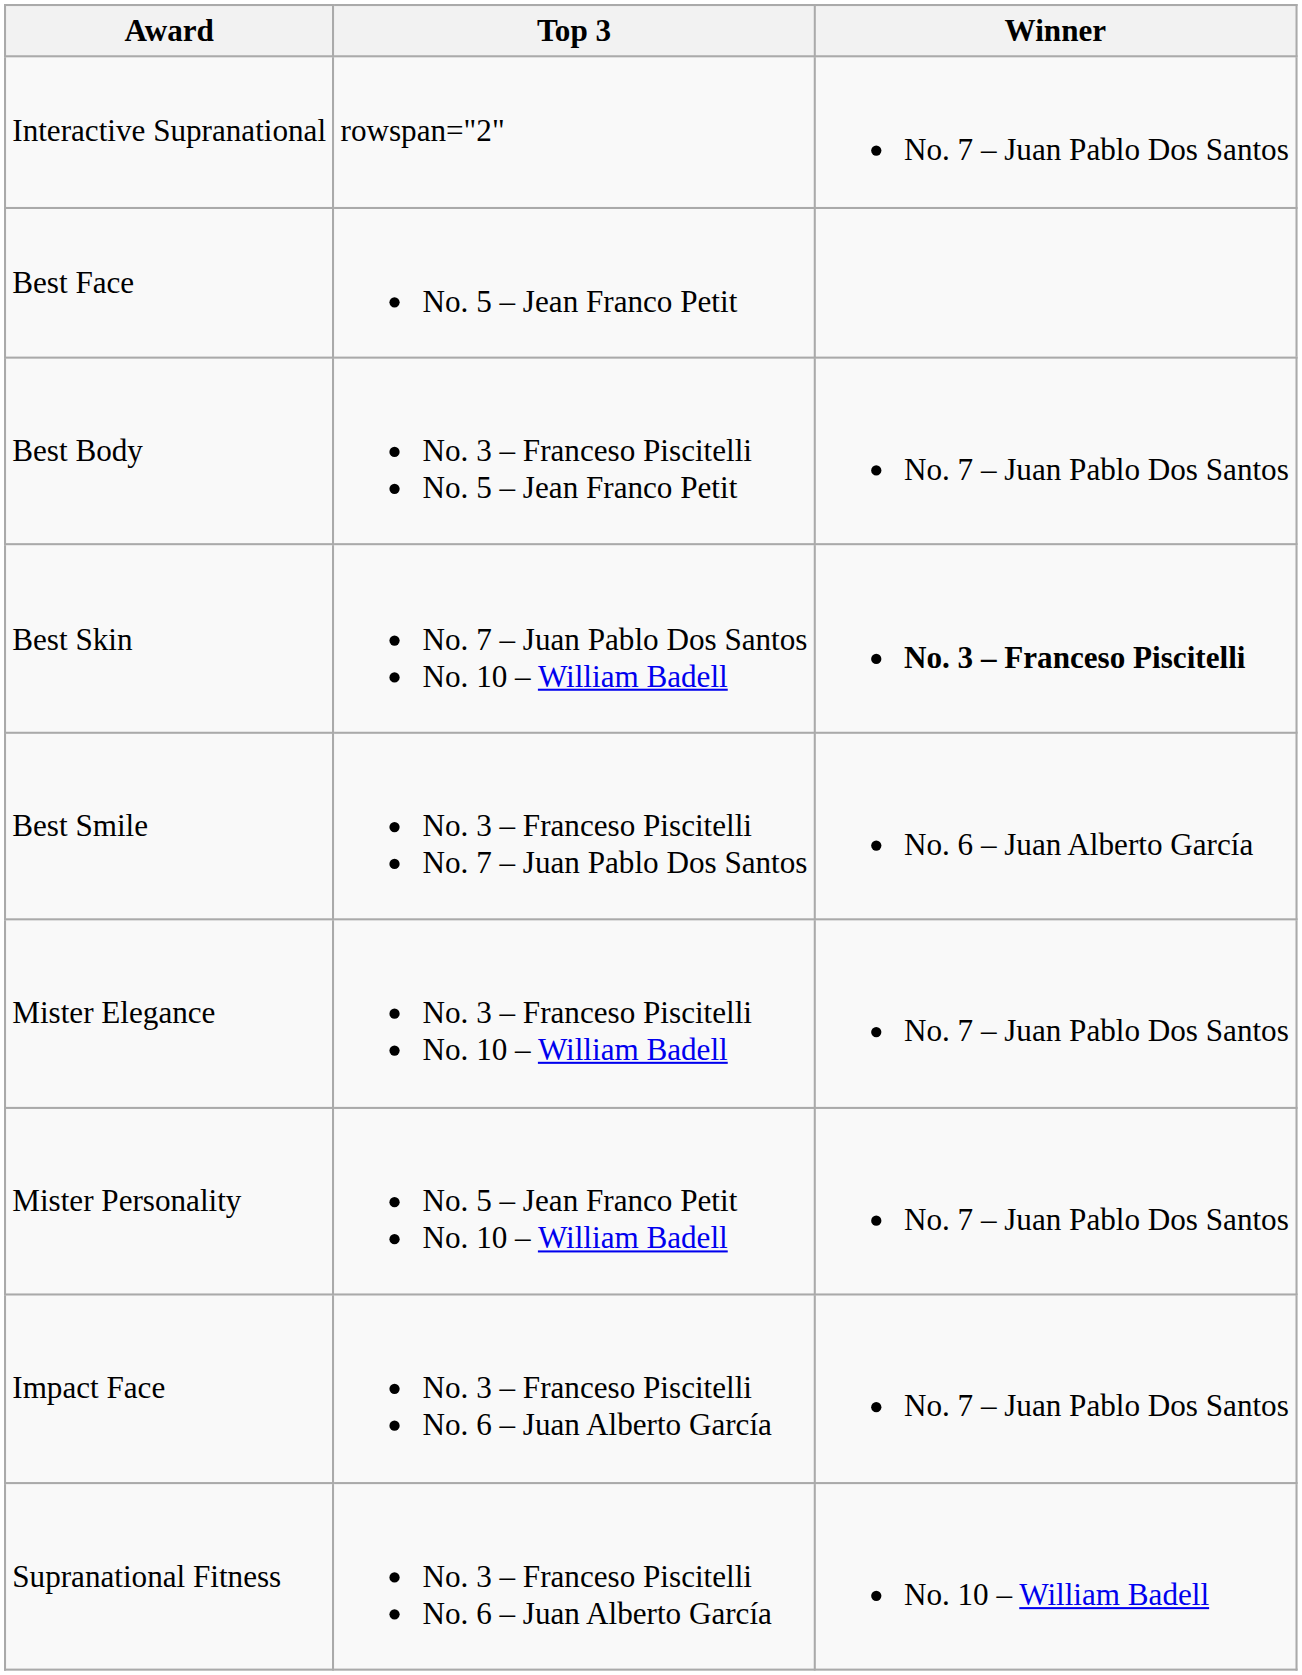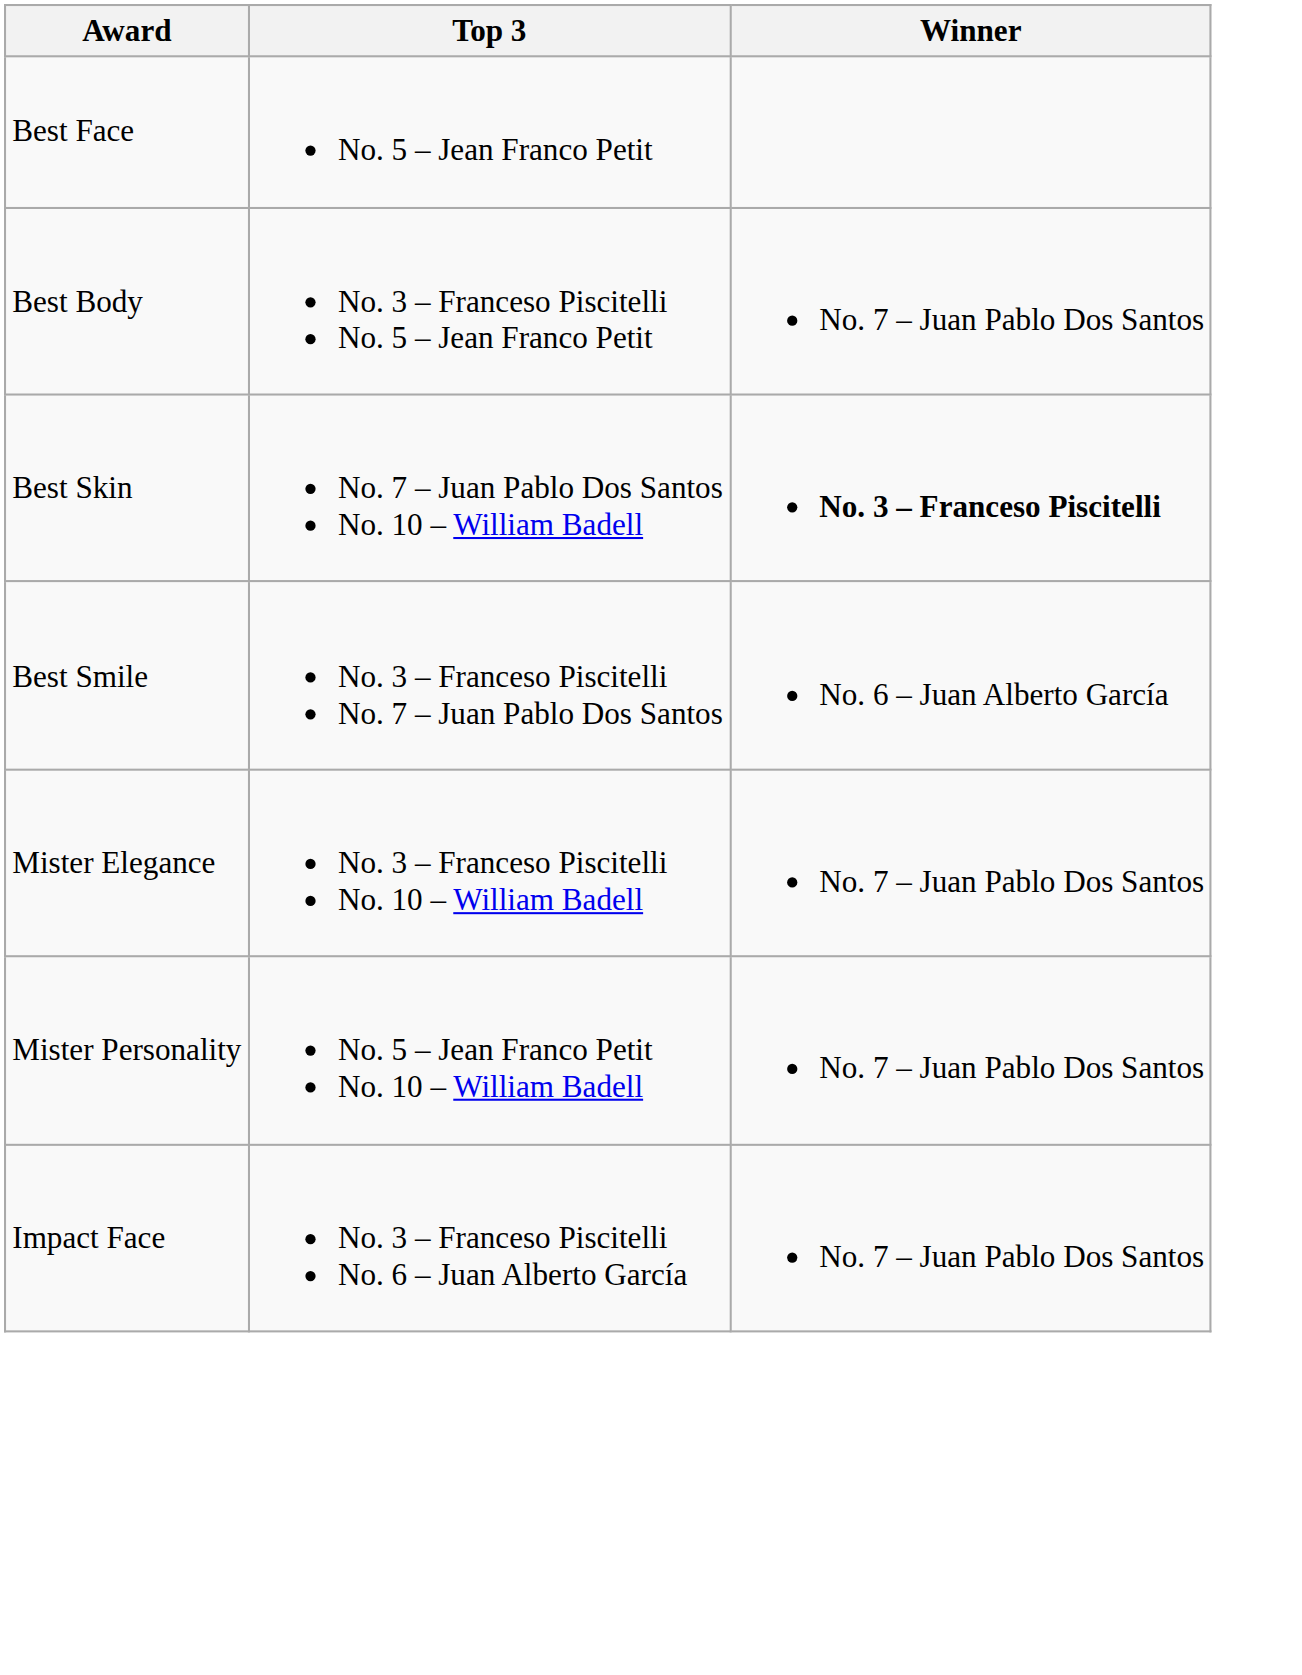 <table class="wikitable sortable" style="font-size: 95%;">
 <tr>
 <th>Award</th>
 <th>Top 3</th>
 <th>Winner</th>
-</tr>
-<tr>
-<td>Interactive Supranational</td>
-<td>rowspan="2" </td>
-<td><br><ul><li>No. 7 – Juan Pablo Dos Santos</li></ul></td>
 </tr>
 <tr>
 <td>Best Face</td>
 <td><br><ul><li>No. 5 – Jean Franco Petit</li></ul></td>
 </tr>
 <tr>
 <td>Best Body</td>
 <td><br><ul><li>No. 3 – Franceso Piscitelli</li><li>No. 5 – Jean Franco Petit</li></ul></td>
 <td><br><ul><li>No. 7 – Juan Pablo Dos Santos</li></ul></td>
 </tr>
 <tr>
 <td>Best Skin</td>
 <td><br><ul><li>No. 7 – Juan Pablo Dos Santos</li><li>No. 10 – <a href='#'>William Badell</a></li></ul></td>
 <td><strong><br><ul><li>No. 3 – Franceso Piscitelli</li></ul></strong></td>
 </tr>
 <tr>
 <td>Best Smile</td>
 <td><br><ul><li>No. 3 – Franceso Piscitelli</li><li>No. 7 – Juan Pablo Dos Santos</li></ul></td>
 <td><br><ul><li>No. 6 – Juan Alberto García</li></ul></td>
 </tr>
 <tr>
 <td>Mister Elegance</td>
 <td><br><ul><li>No. 3 – Franceso Piscitelli</li><li>No. 10 – <a href='#'>William Badell</a></li></ul></td>
 <td><br><ul><li>No. 7 – Juan Pablo Dos Santos</li></ul></td>
 </tr>
 <tr>
 <td>Mister Personality</td>
 <td><br><ul><li>No. 5 – Jean Franco Petit</li><li>No. 10 – <a href='#'>William Badell</a></li></ul></td>
 <td><br><ul><li>No. 7 – Juan Pablo Dos Santos</li></ul></td>
 </tr>
 <tr>
 <td>Impact Face</td>
 <td><br><ul><li>No. 3 – Franceso Piscitelli</li><li>No. 6 – Juan Alberto García</li></ul></td>
 <td><br><ul><li>No. 7 – Juan Pablo Dos Santos</li></ul></td>
 </tr>
-<tr>
-<td>Supranational Fitness</td>
-<td><br><ul><li>No. 3 – Franceso Piscitelli</li><li>No. 6 – Juan Alberto García</li></ul></td>
-<td><br><ul><li>No. 10 – <a href='#'>William Badell</a></li></ul></td>
-</tr>
 </table>
